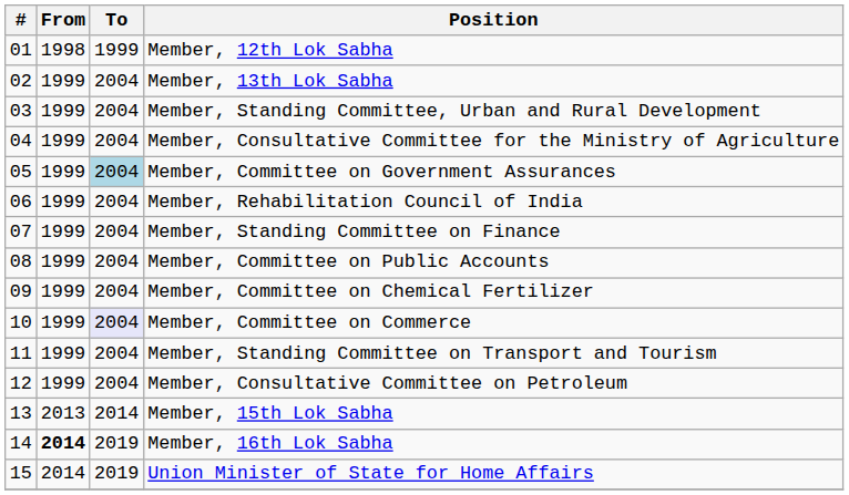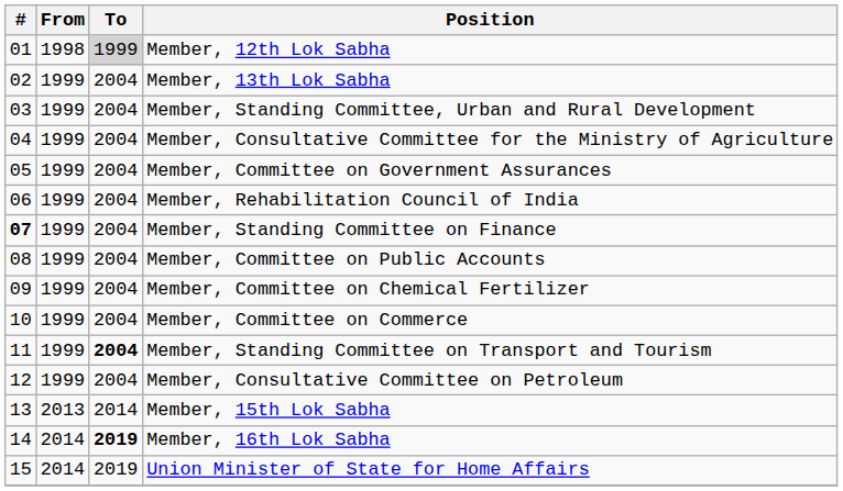 <table class="wikitable sortable">
 <tr>
 <th>#</th>
 <th>From</th>
 <th>To</th>
 <th>Position</th>
 </tr>
 <tr>
 <td>01</td>
 <td>1998</td>
-<td>1999</td>
+<td style="background: lightgrey;">1999</td>
 <td>Member, <a href='#'>12th Lok Sabha</a></td>
 </tr>
 <tr>
 <td>02</td>
 <td>1999</td>
 <td>2004</td>
 <td>Member, <a href='#'>13th Lok Sabha</a></td>
 </tr>
 <tr>
 <td>03</td>
 <td>1999</td>
 <td>2004</td>
 <td>Member, Standing Committee, Urban and Rural Development</td>
 </tr>
 <tr>
 <td>04</td>
 <td>1999</td>
 <td>2004</td>
 <td>Member, Consultative Committee for the Ministry of Agriculture</td>
 </tr>
 <tr>
 <td>05</td>
 <td>1999</td>
-<td style="background: lightblue;">2004</td>
+<td>2004</td>
 <td>Member, Committee on Government Assurances</td>
 </tr>
 <tr>
 <td>06</td>
 <td>1999</td>
 <td>2004</td>
 <td>Member, Rehabilitation Council of India</td>
 </tr>
 <tr>
-<td>07</td>
+<td><strong>07</strong></td>
 <td>1999</td>
 <td>2004</td>
 <td>Member, Standing Committee on Finance</td>
 </tr>
 <tr>
 <td>08</td>
 <td>1999</td>
 <td>2004</td>
 <td>Member, Committee on Public Accounts</td>
 </tr>
 <tr>
 <td>09</td>
 <td>1999</td>
 <td>2004</td>
 <td>Member, Committee on Chemical Fertilizer</td>
 </tr>
 <tr>
 <td>10</td>
 <td>1999</td>
-<td style="background: lavender;">2004</td>
+<td>2004</td>
 <td>Member, Committee on Commerce</td>
 </tr>
 <tr>
 <td>11</td>
 <td>1999</td>
-<td>2004</td>
+<td><strong>2004</strong></td>
 <td>Member, Standing Committee on Transport and Tourism</td>
 </tr>
 <tr>
 <td>12</td>
 <td>1999</td>
 <td>2004</td>
 <td>Member, Consultative Committee on Petroleum</td>
 </tr>
 <tr>
 <td>13</td>
 <td>2013</td>
 <td>2014</td>
 <td>Member, <a href='#'>15th Lok Sabha</a></td>
 </tr>
 <tr>
 <td>14</td>
-<td><strong>2014</strong></td>
-<td>2019</td>
+<td>2014</td>
+<td><strong>2019</strong></td>
 <td>Member, <a href='#'>16th Lok Sabha</a></td>
 </tr>
 <tr>
 <td>15</td>
 <td>2014</td>
 <td>2019</td>
 <td><a href='#'>Union Minister of State for Home Affairs</a></td>
 </tr>
 <tr>
 </tr>
 </table>
